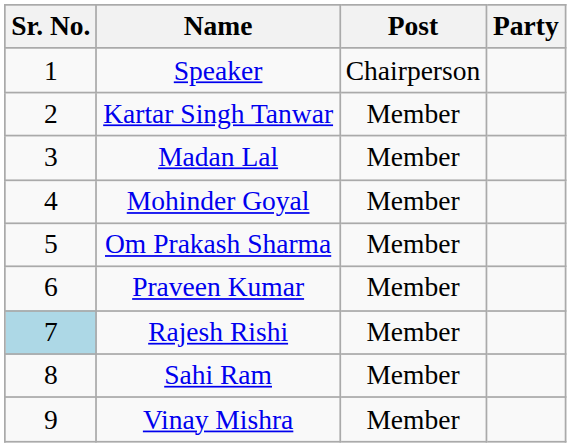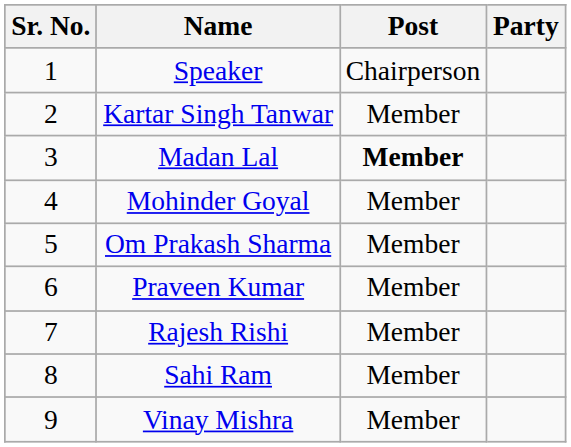 <table class="wikitable sortable">
 <tr>
 <th>Sr. No.</th>
 <th>Name</th>
 <th>Post</th>
 <th colspan="2">Party</th>
 </tr>
 <tr align="center">
 <td>1</td>
 <td><a href='#'>Speaker</a></td>
 <td>Chairperson</td>
 <td></td>
 </tr>
 <tr align="center">
 <td>2</td>
 <td><a href='#'>Kartar Singh Tanwar</a></td>
 <td>Member</td>
 <td></td>
 </tr>
 <tr align="center">
 <td>3</td>
 <td><a href='#'>Madan Lal</a></td>
-<td>Member</td>
+<td><strong>Member</strong></td>
 <td></td>
 </tr>
 <tr align="center">
 <td>4</td>
 <td><a href='#'>Mohinder Goyal</a></td>
 <td>Member</td>
 <td></td>
 </tr>
 <tr align="center">
 <td>5</td>
 <td><a href='#'>Om Prakash Sharma</a></td>
 <td>Member</td>
 <td></td>
 </tr>
 <tr align="center">
 <td>6</td>
 <td><a href='#'>Praveen Kumar</a></td>
 <td>Member</td>
 <td></td>
 </tr>
 <tr align="center">
-<td style="background: lightblue;">7</td>
+<td>7</td>
 <td><a href='#'>Rajesh Rishi</a></td>
 <td>Member</td>
 <td></td>
 </tr>
 <tr align="center">
 <td>8</td>
 <td><a href='#'>Sahi Ram</a></td>
 <td>Member</td>
 <td></td>
 </tr>
 <tr align="center">
 <td>9</td>
 <td><a href='#'>Vinay Mishra</a></td>
 <td>Member</td>
 <td></td>
 </tr>
 </table>
